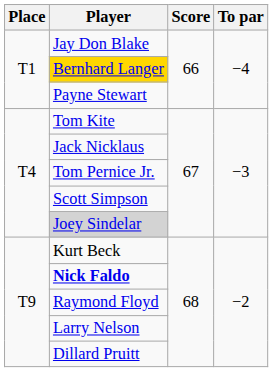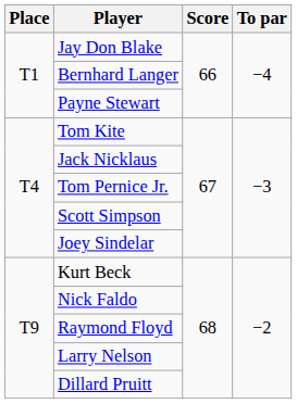 <table class="wikitable">
 <tr>
 <th>Place</th>
 <th>Player</th>
 <th>Score</th>
 <th>To par</th>
 </tr>
 <tr>
 <td rowspan="3" align=center>T1</td>
 <td> <a href='#'>Jay Don Blake</a></td>
 <td rowspan="3" align=center>66</td>
 <td rowspan="3" align=center>−4</td>
 </tr>
 <tr>
-<td style="background: gold;"> <a href='#'>Bernhard Langer</a></td>
+<td> <a href='#'>Bernhard Langer</a></td>
 </tr>
 <tr>
 <td> <a href='#'>Payne Stewart</a></td>
 </tr>
 <tr>
 <td rowspan="5" align=center>T4</td>
 <td> <a href='#'>Tom Kite</a></td>
 <td rowspan="5" align=center>67</td>
 <td rowspan="5" align=center>−3</td>
 </tr>
 <tr>
 <td> <a href='#'>Jack Nicklaus</a></td>
 </tr>
 <tr>
 <td> <a href='#'>Tom Pernice Jr.</a></td>
 </tr>
 <tr>
 <td> <a href='#'>Scott Simpson</a></td>
 </tr>
 <tr>
-<td style="background: lightgrey;"> <a href='#'>Joey Sindelar</a></td>
+<td> <a href='#'>Joey Sindelar</a></td>
 </tr>
 <tr>
 <td rowspan="5" align=center>T9</td>
 <td> Kurt Beck</td>
 <td rowspan="5" align=center>68</td>
 <td rowspan="5" align=center>−2</td>
 </tr>
 <tr>
-<td><strong> <a href='#'>Nick Faldo</a></strong></td>
+<td> <a href='#'>Nick Faldo</a></td>
 </tr>
 <tr>
 <td> <a href='#'>Raymond Floyd</a></td>
 </tr>
 <tr>
 <td> <a href='#'>Larry Nelson</a></td>
 </tr>
 <tr>
 <td> <a href='#'>Dillard Pruitt</a></td>
 </tr>
 </table>
